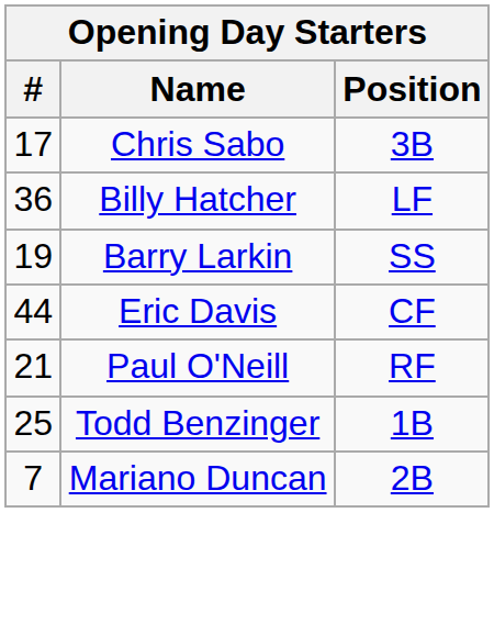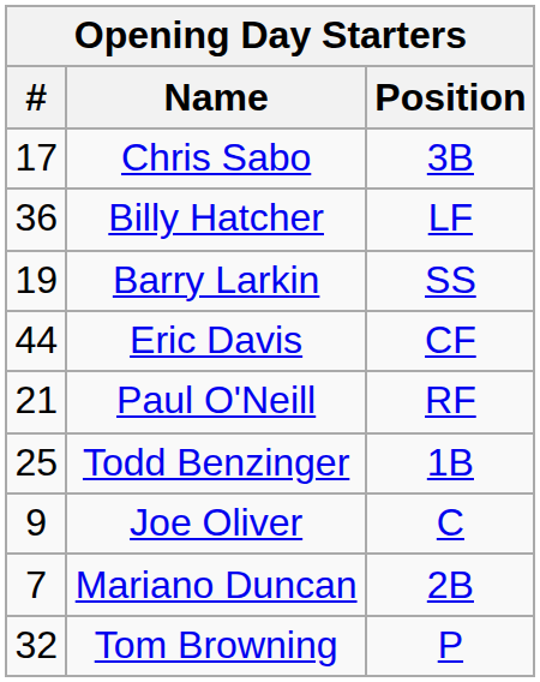 <table class="wikitable" style="text-align:center">
 <tr>
 <th colspan="3">Opening Day Starters</th>
 </tr>
 <tr>
 <th>#</th>
 <th>Name</th>
 <th>Position</th>
 </tr>
 <tr>
 <td>17</td>
 <td><a href='#'>Chris Sabo</a></td>
 <td><a href='#'>3B</a></td>
 </tr>
 <tr>
 <td>36</td>
 <td><a href='#'>Billy Hatcher</a></td>
 <td><a href='#'>LF</a></td>
 </tr>
 <tr>
 <td>19</td>
 <td><a href='#'>Barry Larkin</a></td>
 <td><a href='#'>SS</a></td>
 </tr>
 <tr>
 <td>44</td>
 <td><a href='#'>Eric Davis</a></td>
 <td><a href='#'>CF</a></td>
 </tr>
 <tr>
 <td>21</td>
 <td><a href='#'>Paul O'Neill</a></td>
 <td><a href='#'>RF</a></td>
 </tr>
 <tr>
 <td>25</td>
 <td><a href='#'>Todd Benzinger</a></td>
 <td><a href='#'>1B</a></td>
 </tr>
 <tr>
+<td>9</td>
+<td><a href='#'>Joe Oliver</a></td>
+<td><a href='#'>C</a></td>
+</tr>
+<tr>
 <td>7</td>
 <td><a href='#'>Mariano Duncan</a></td>
 <td><a href='#'>2B</a></td>
 </tr>
+<tr>
+<td>32</td>
+<td><a href='#'>Tom Browning</a></td>
+<td><a href='#'>P</a></td>
+</tr>
 </table>
